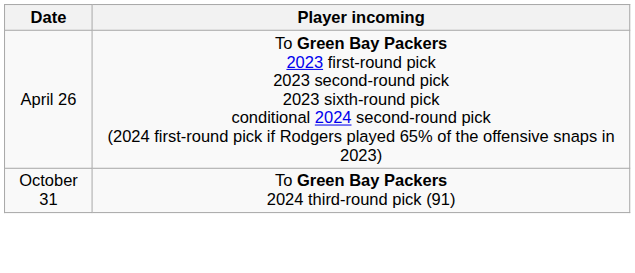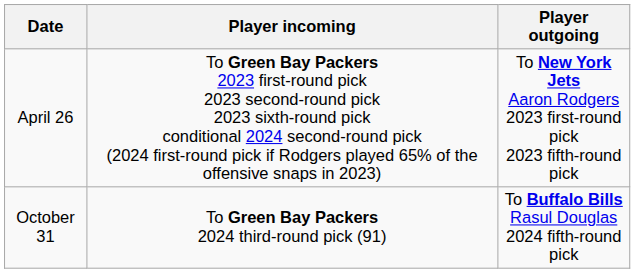 <table class="wikitable" style="text-align:center">
 <tr>
 <th>Date</th>
 <th>Player incoming</th>
+<th>Player outgoing</th>
 </tr>
 <tr>
 <td>April 26</td>
 <td>To <strong>Green Bay Packers</strong><br><a href='#'>2023</a> first-round pick<br>2023 second-round pick<br>2023 sixth-round pick<br>conditional <a href='#'>2024</a> second-round pick <br> (2024 first-round pick if Rodgers played 65% of the offensive snaps in 2023)</td>
+<td>To <strong><a href='#'>New York Jets</a></strong><br><a href='#'>Aaron Rodgers</a><br>2023 first-round pick<br>2023 fifth-round pick</td>
 </tr>
 <tr>
 <td>October 31</td>
 <td>To <strong>Green Bay Packers</strong><br>2024 third-round pick (91)</td>
+<td>To <strong><a href='#'>Buffalo Bills</a></strong><br><a href='#'>Rasul Douglas</a><br>2024 fifth-round pick</td>
 </tr>
 </table>
